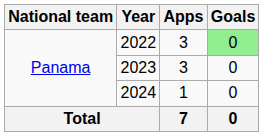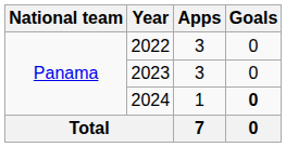 <table class="wikitable" style="text-align:center">
 <tr>
 <th>National team</th>
 <th>Year</th>
 <th>Apps</th>
 <th>Goals</th>
 </tr>
 <tr>
 <td rowspan="3"><a href='#'>Panama</a></td>
 <td>2022</td>
 <td>3</td>
-<td style="background: lightgreen;">0</td>
+<td>0</td>
 </tr>
 <tr>
 <td>2023</td>
 <td>3</td>
 <td>0</td>
 </tr>
 <tr>
 <td>2024</td>
 <td>1</td>
-<td>0</td>
+<td><strong>0</strong></td>
 </tr>
 <tr>
 <th colspan="2">Total</th>
 <th>7</th>
 <th>0</th>
 </tr>
 </table>
